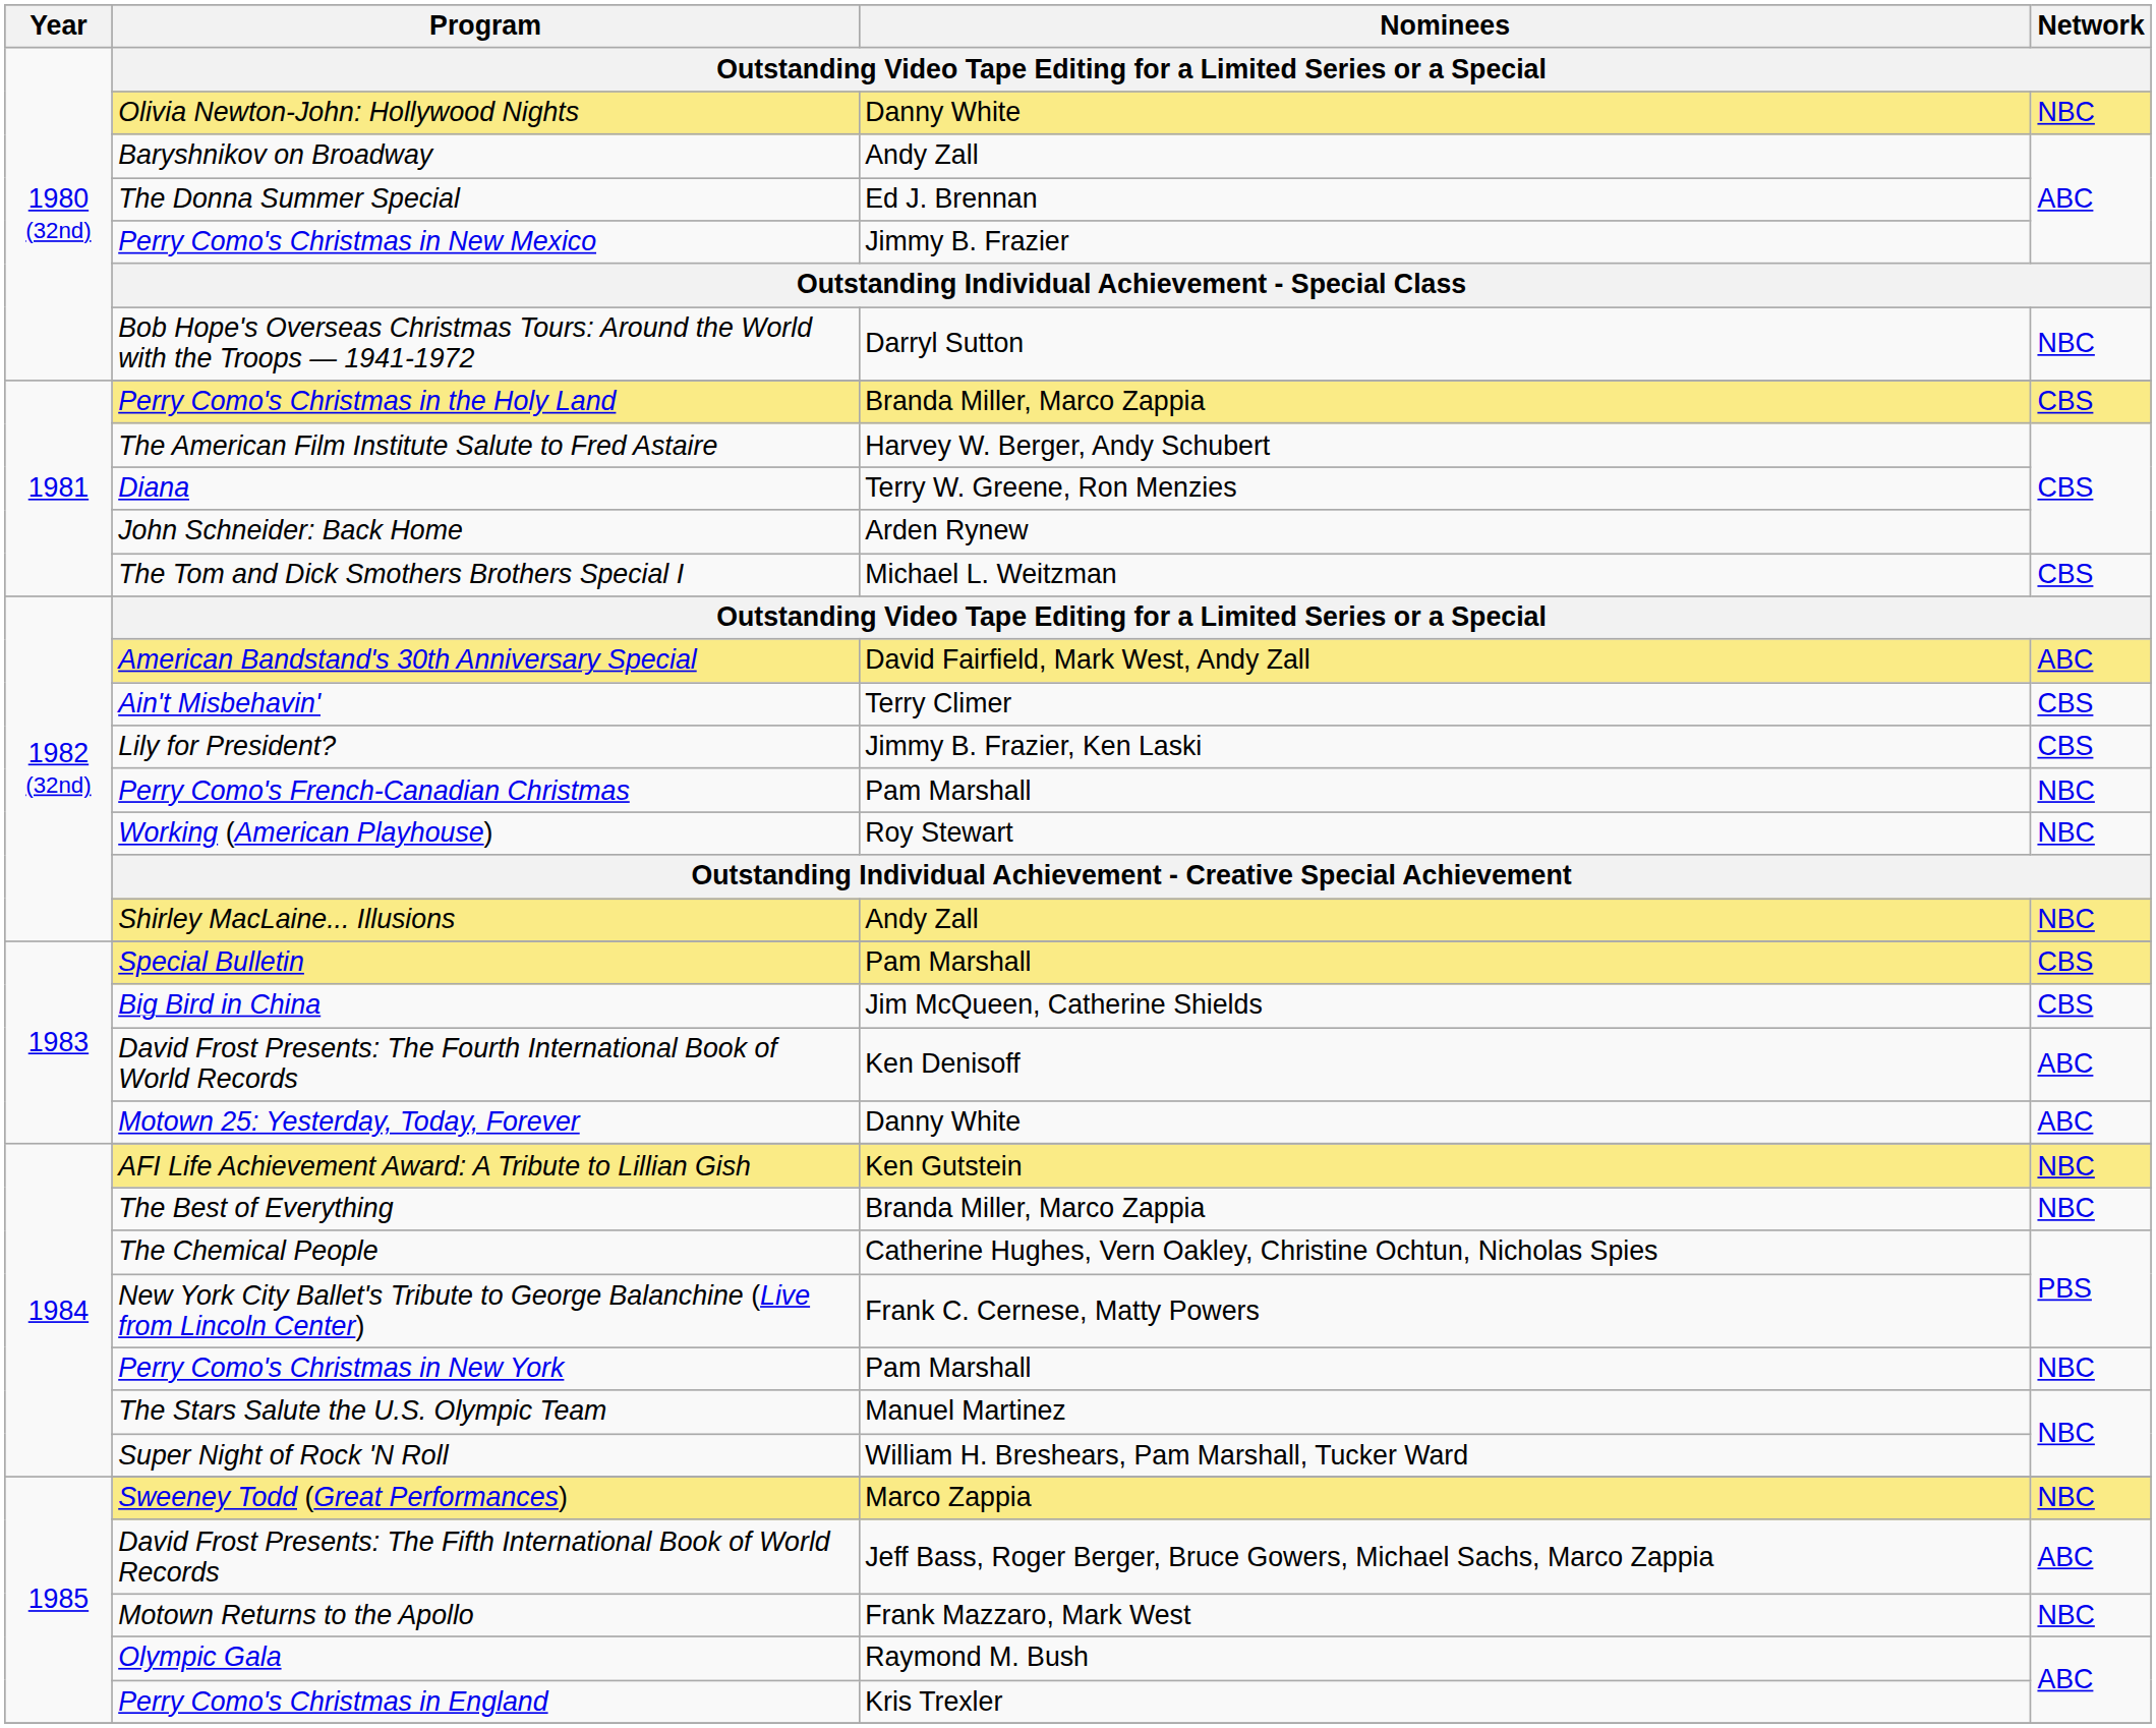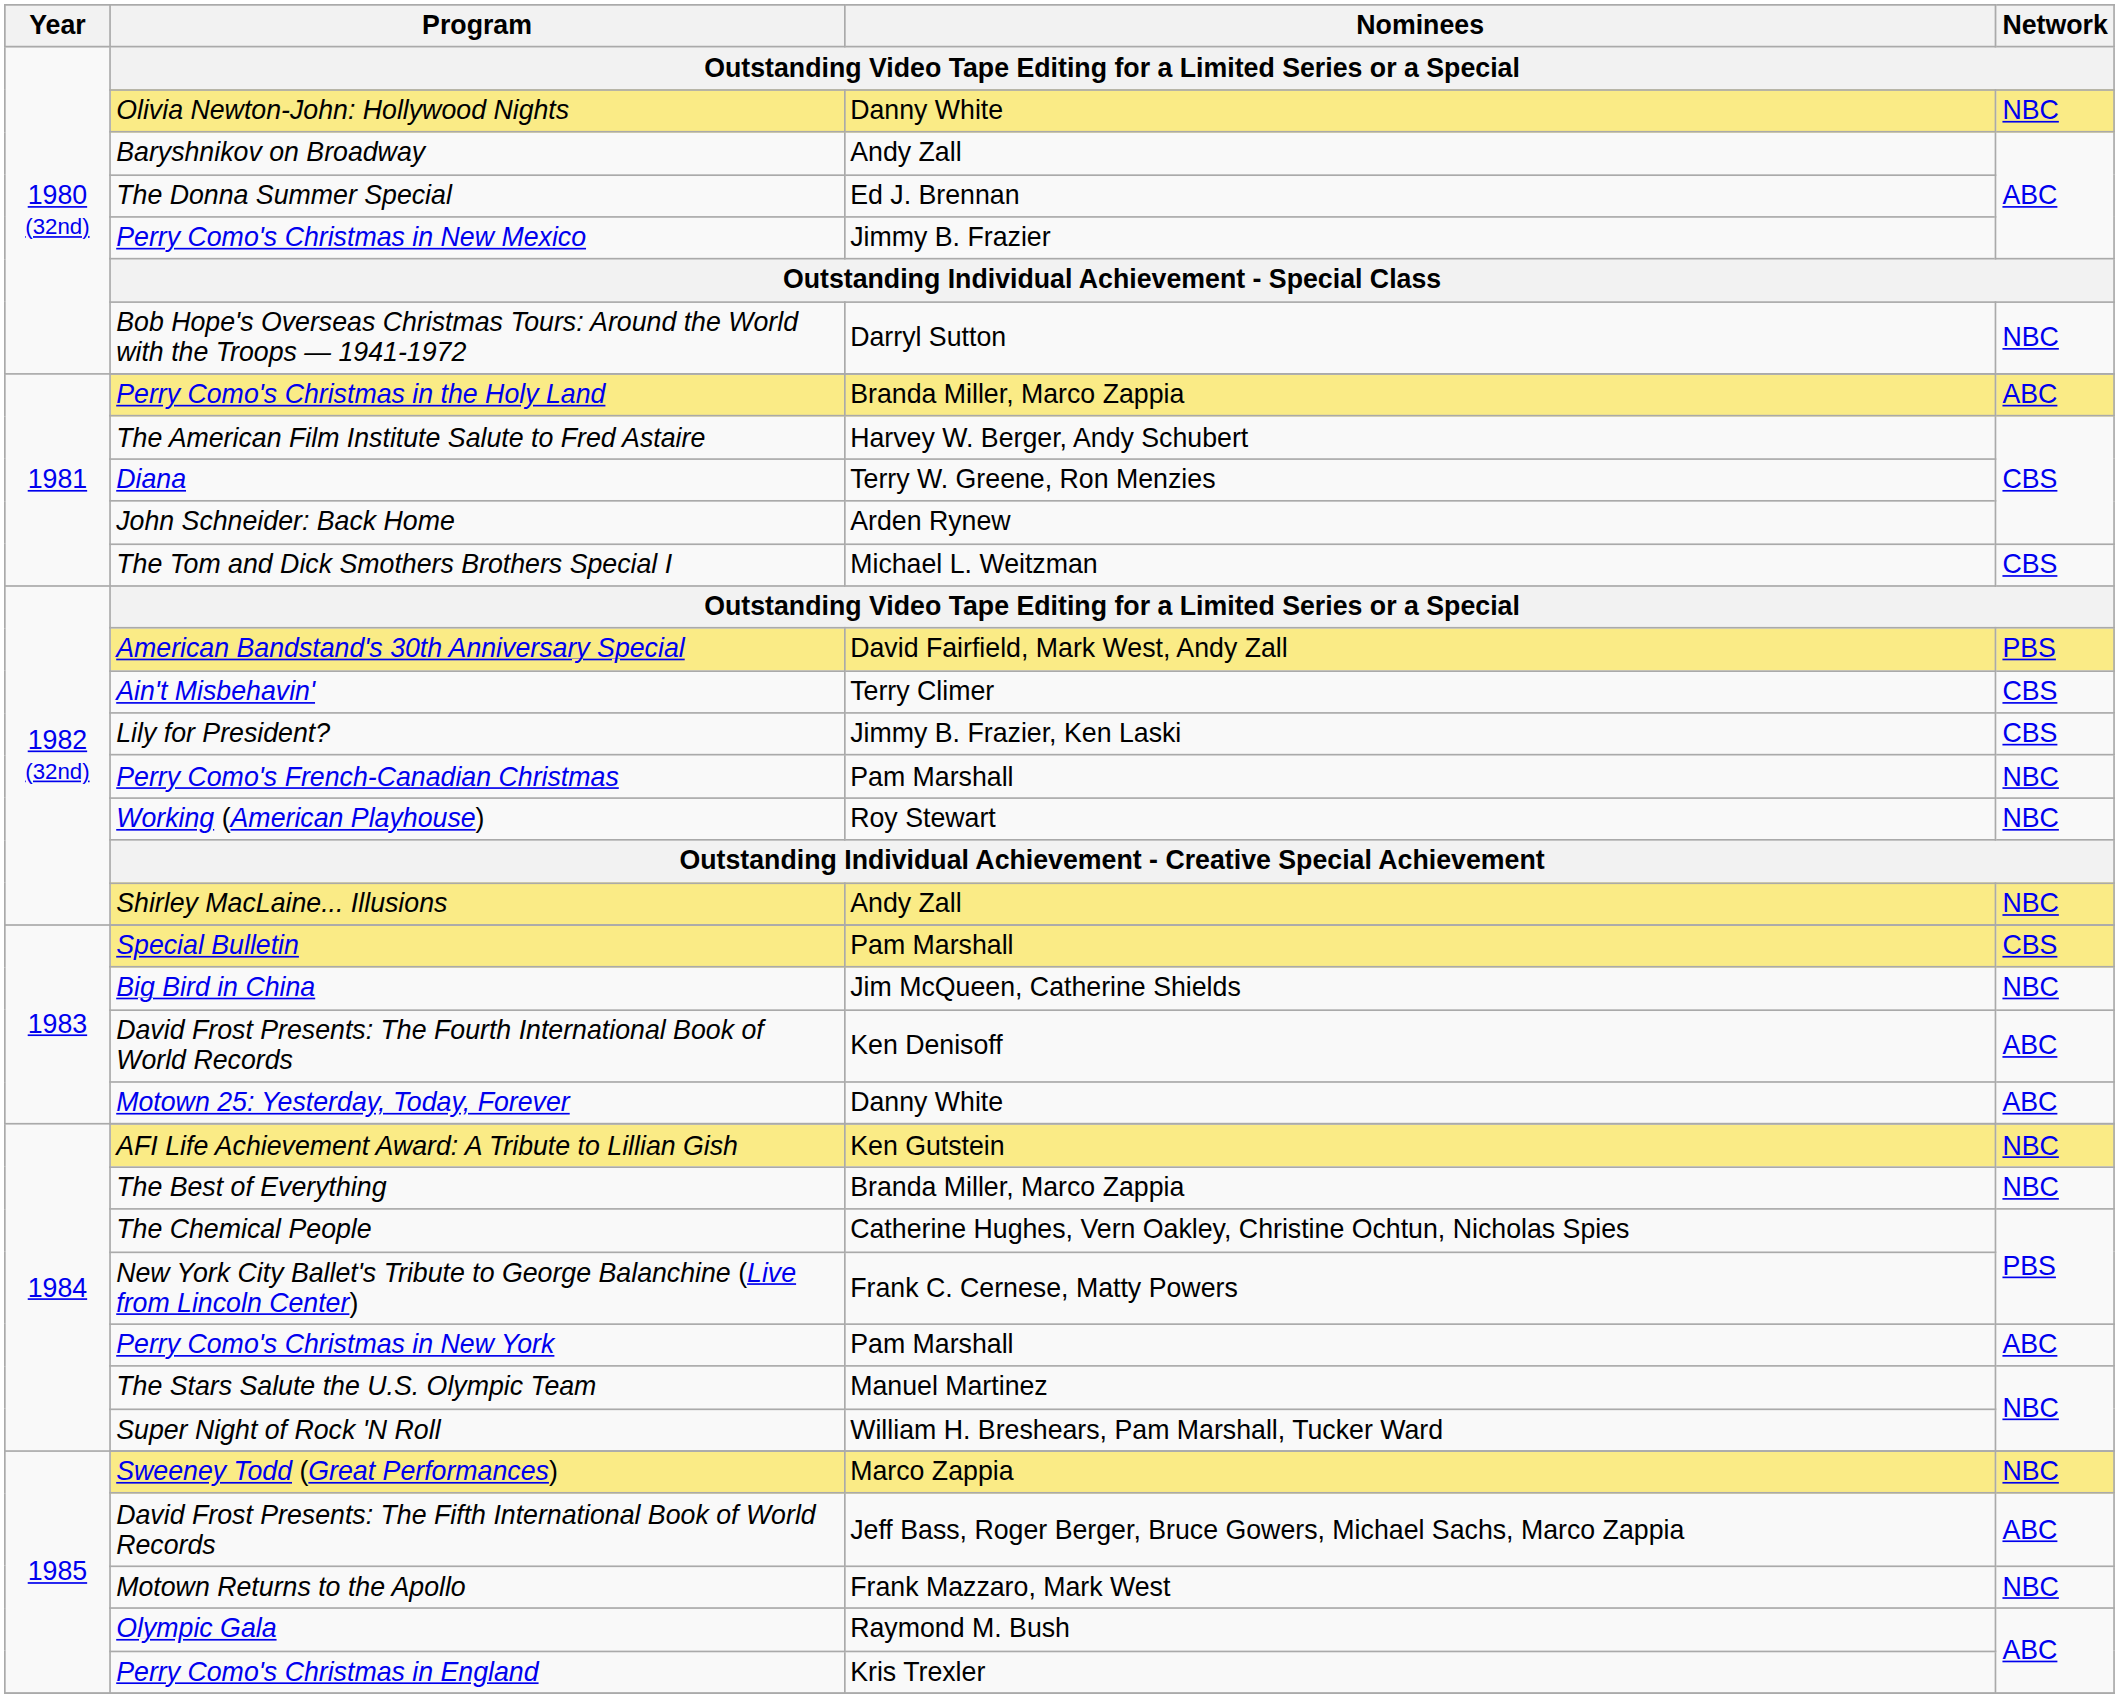 <table class="wikitable" style="width:100%">
 <tr style="background:#bebebe;">
 <th style="width:5%;">Year</th>
 <th style="width:35%;">Program</th>
 <th style="width:55%;">Nominees</th>
 <th style="width:5%;">Network</th>
 </tr>
 <tr>
 <td rowspan=7 style="text-align:center"><a href='#'>1980</a><br><small><a href='#'>(32nd)</a></small></td>
 <th colspan="4">Outstanding Video Tape Editing for a Limited Series or a Special</th>
 </tr>
 <tr style="background:#FAEB86;">
 <td><em>Olivia Newton-John: Hollywood Nights</em></td>
 <td>Danny White</td>
 <td><a href='#'>NBC</a></td>
 </tr>
 <tr>
 <td><em>Baryshnikov on Broadway</em></td>
 <td>Andy Zall</td>
 <td rowspan=3><a href='#'>ABC</a></td>
 </tr>
 <tr>
 <td><em>The Donna Summer Special</em></td>
 <td>Ed J. Brennan</td>
 </tr>
 <tr>
 <td><em><a href='#'>Perry Como's Christmas in New Mexico</a></em></td>
 <td>Jimmy B. Frazier</td>
 </tr>
 <tr>
 <th colspan="4">Outstanding Individual Achievement - Special Class</th>
 </tr>
 <tr>
 <td><em>Bob Hope's Overseas Christmas Tours: Around the World with the Troops — 1941-1972</em></td>
 <td>Darryl Sutton</td>
 <td><a href='#'>NBC</a></td>
 </tr>
 <tr>
 <td rowspan=6 style="text-align:center;"><a href='#'>1981</a><br></td>
 </tr>
 <tr style="background:#FAEB86;">
 <td><em><a href='#'>Perry Como's Christmas in the Holy Land</a></em></td>
 <td>Branda Miller, Marco Zappia</td>
-<td><a href='#'>CBS</a></td>
+<td><a href='#'>ABC</a></td>
 </tr>
 <tr>
 <td><em>The American Film Institute Salute to Fred Astaire</em></td>
 <td>Harvey W. Berger, Andy Schubert</td>
 <td rowspan=3><a href='#'>CBS</a></td>
 </tr>
 <tr>
 <td><em><a href='#'>Diana</a></em></td>
 <td>Terry W. Greene, Ron Menzies</td>
 </tr>
 <tr>
 <td><em>John Schneider: Back Home</em></td>
 <td>Arden Rynew</td>
 </tr>
 <tr>
 <td><em>The Tom and Dick Smothers Brothers Special I</em></td>
 <td>Michael L. Weitzman</td>
 <td><a href='#'>CBS</a></td>
 </tr>
 <tr>
 <td rowspan=8 style="text-align:center"><a href='#'>1982</a><br><small><a href='#'>(32nd)</a></small></td>
 <th colspan="4">Outstanding Video Tape Editing for a Limited Series or a Special</th>
 </tr>
 <tr style="background:#FAEB86;">
 <td><em><a href='#'>American Bandstand's 30th Anniversary Special</a></em></td>
 <td>David Fairfield, Mark West, Andy Zall</td>
-<td><a href='#'>ABC</a></td>
+<td><a href='#'>PBS</a></td>
 </tr>
 <tr>
 <td><em><a href='#'>Ain't Misbehavin'</a></em></td>
 <td>Terry Climer</td>
 <td><a href='#'>CBS</a></td>
 </tr>
 <tr>
 <td><em>Lily for President?</em></td>
 <td>Jimmy B. Frazier, Ken Laski</td>
 <td><a href='#'>CBS</a></td>
 </tr>
 <tr>
 <td><em><a href='#'>Perry Como's French-Canadian Christmas</a></em></td>
 <td>Pam Marshall</td>
 <td><a href='#'>NBC</a></td>
 </tr>
 <tr>
 <td><em><a href='#'>Working</a></em> (<em><a href='#'>American Playhouse</a></em>)</td>
 <td>Roy Stewart</td>
 <td><a href='#'>NBC</a></td>
 </tr>
 <tr>
 <th colspan="4">Outstanding Individual Achievement - Creative Special Achievement</th>
 </tr>
 <tr style="background:#FAEB86;">
 <td><em>Shirley MacLaine... Illusions</em></td>
 <td>Andy Zall</td>
 <td><a href='#'>NBC</a></td>
 </tr>
 <tr>
 <td rowspan=5 style="text-align:center;"><a href='#'>1983</a><br></td>
 </tr>
 <tr style="background:#FAEB86;">
 <td><em><a href='#'>Special Bulletin</a></em></td>
 <td>Pam Marshall</td>
 <td><a href='#'>CBS</a></td>
 </tr>
 <tr>
 <td><em><a href='#'>Big Bird in China</a></em></td>
 <td>Jim McQueen, Catherine Shields</td>
-<td><a href='#'>CBS</a></td>
+<td><a href='#'>NBC</a></td>
 </tr>
 <tr>
 <td><em>David Frost Presents: The Fourth International Book of World Records</em></td>
 <td>Ken Denisoff</td>
 <td><a href='#'>ABC</a></td>
 </tr>
 <tr>
 <td><em><a href='#'>Motown 25: Yesterday, Today, Forever</a></em></td>
 <td>Danny White</td>
 <td><a href='#'>ABC</a></td>
 </tr>
 <tr>
 <td rowspan=8 style="text-align:center;"><a href='#'>1984</a><br></td>
 </tr>
 <tr style="background:#FAEB86;">
 <td><em>AFI Life Achievement Award: A Tribute to Lillian Gish</em></td>
 <td>Ken Gutstein</td>
 <td><a href='#'>NBC</a></td>
 </tr>
 <tr>
 <td><em>The Best of Everything</em></td>
 <td>Branda Miller, Marco Zappia</td>
 <td><a href='#'>NBC</a></td>
 </tr>
 <tr>
 <td><em>The Chemical People</em></td>
 <td>Catherine Hughes, Vern Oakley, Christine Ochtun, Nicholas Spies</td>
 <td rowspan=2><a href='#'>PBS</a></td>
 </tr>
 <tr>
 <td><em>New York City Ballet's Tribute to George Balanchine</em> (<em><a href='#'>Live from Lincoln Center</a></em>)</td>
 <td>Frank C. Cernese, Matty Powers</td>
 </tr>
 <tr>
 <td><em><a href='#'>Perry Como's Christmas in New York</a></em></td>
 <td>Pam Marshall</td>
-<td><a href='#'>NBC</a></td>
+<td><a href='#'>ABC</a></td>
 </tr>
 <tr>
 <td><em>The Stars Salute the U.S. Olympic Team</em></td>
 <td>Manuel Martinez</td>
 <td rowspan=2><a href='#'>NBC</a></td>
 </tr>
 <tr>
 <td><em>Super Night of Rock 'N Roll</em></td>
 <td>William H. Breshears, Pam Marshall, Tucker Ward</td>
 </tr>
 <tr>
 <td rowspan=6 style="text-align:center;"><a href='#'>1985</a><br></td>
 </tr>
 <tr style="background:#FAEB86;">
 <td><em><a href='#'>Sweeney Todd</a></em> (<em><a href='#'>Great Performances</a></em>)</td>
 <td>Marco Zappia</td>
 <td><a href='#'>NBC</a></td>
 </tr>
 <tr>
 <td><em>David Frost Presents: The Fifth International Book of World Records</em></td>
 <td>Jeff Bass, Roger Berger, Bruce Gowers, Michael Sachs, Marco Zappia</td>
 <td><a href='#'>ABC</a></td>
 </tr>
 <tr>
 <td><em>Motown Returns to the Apollo</em></td>
 <td>Frank Mazzaro, Mark West</td>
 <td><a href='#'>NBC</a></td>
 </tr>
 <tr>
 <td><em><a href='#'>Olympic Gala</a></em></td>
 <td>Raymond M. Bush</td>
 <td rowspan=2><a href='#'>ABC</a></td>
 </tr>
 <tr>
 <td><em><a href='#'>Perry Como's Christmas in England</a></em></td>
 <td>Kris Trexler</td>
 </tr>
 <tr>
 </tr>
 </table>
